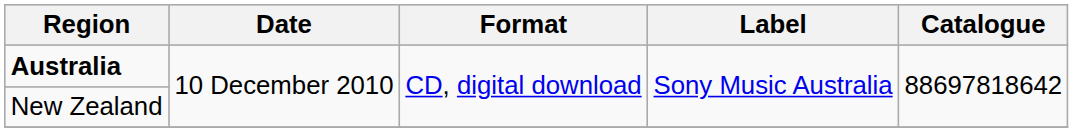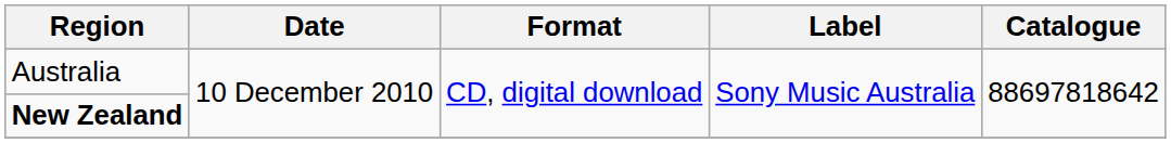 <table class="wikitable">
 <tr>
 <th>Region</th>
 <th>Date</th>
 <th>Format</th>
 <th>Label</th>
 <th>Catalogue</th>
 </tr>
 <tr>
-<td><strong>Australia</strong></td>
+<td>Australia</td>
 <td rowspan=2>10 December 2010</td>
 <td rowspan=2><a href='#'>CD</a>, <a href='#'>digital download</a></td>
 <td rowspan=2><a href='#'>Sony Music Australia</a></td>
 <td rowspan=2>88697818642</td>
 </tr>
 <tr>
-<td>New Zealand</td>
+<td><strong>New Zealand</strong></td>
 </tr>
 <tr>
 </tr>
 </table>
